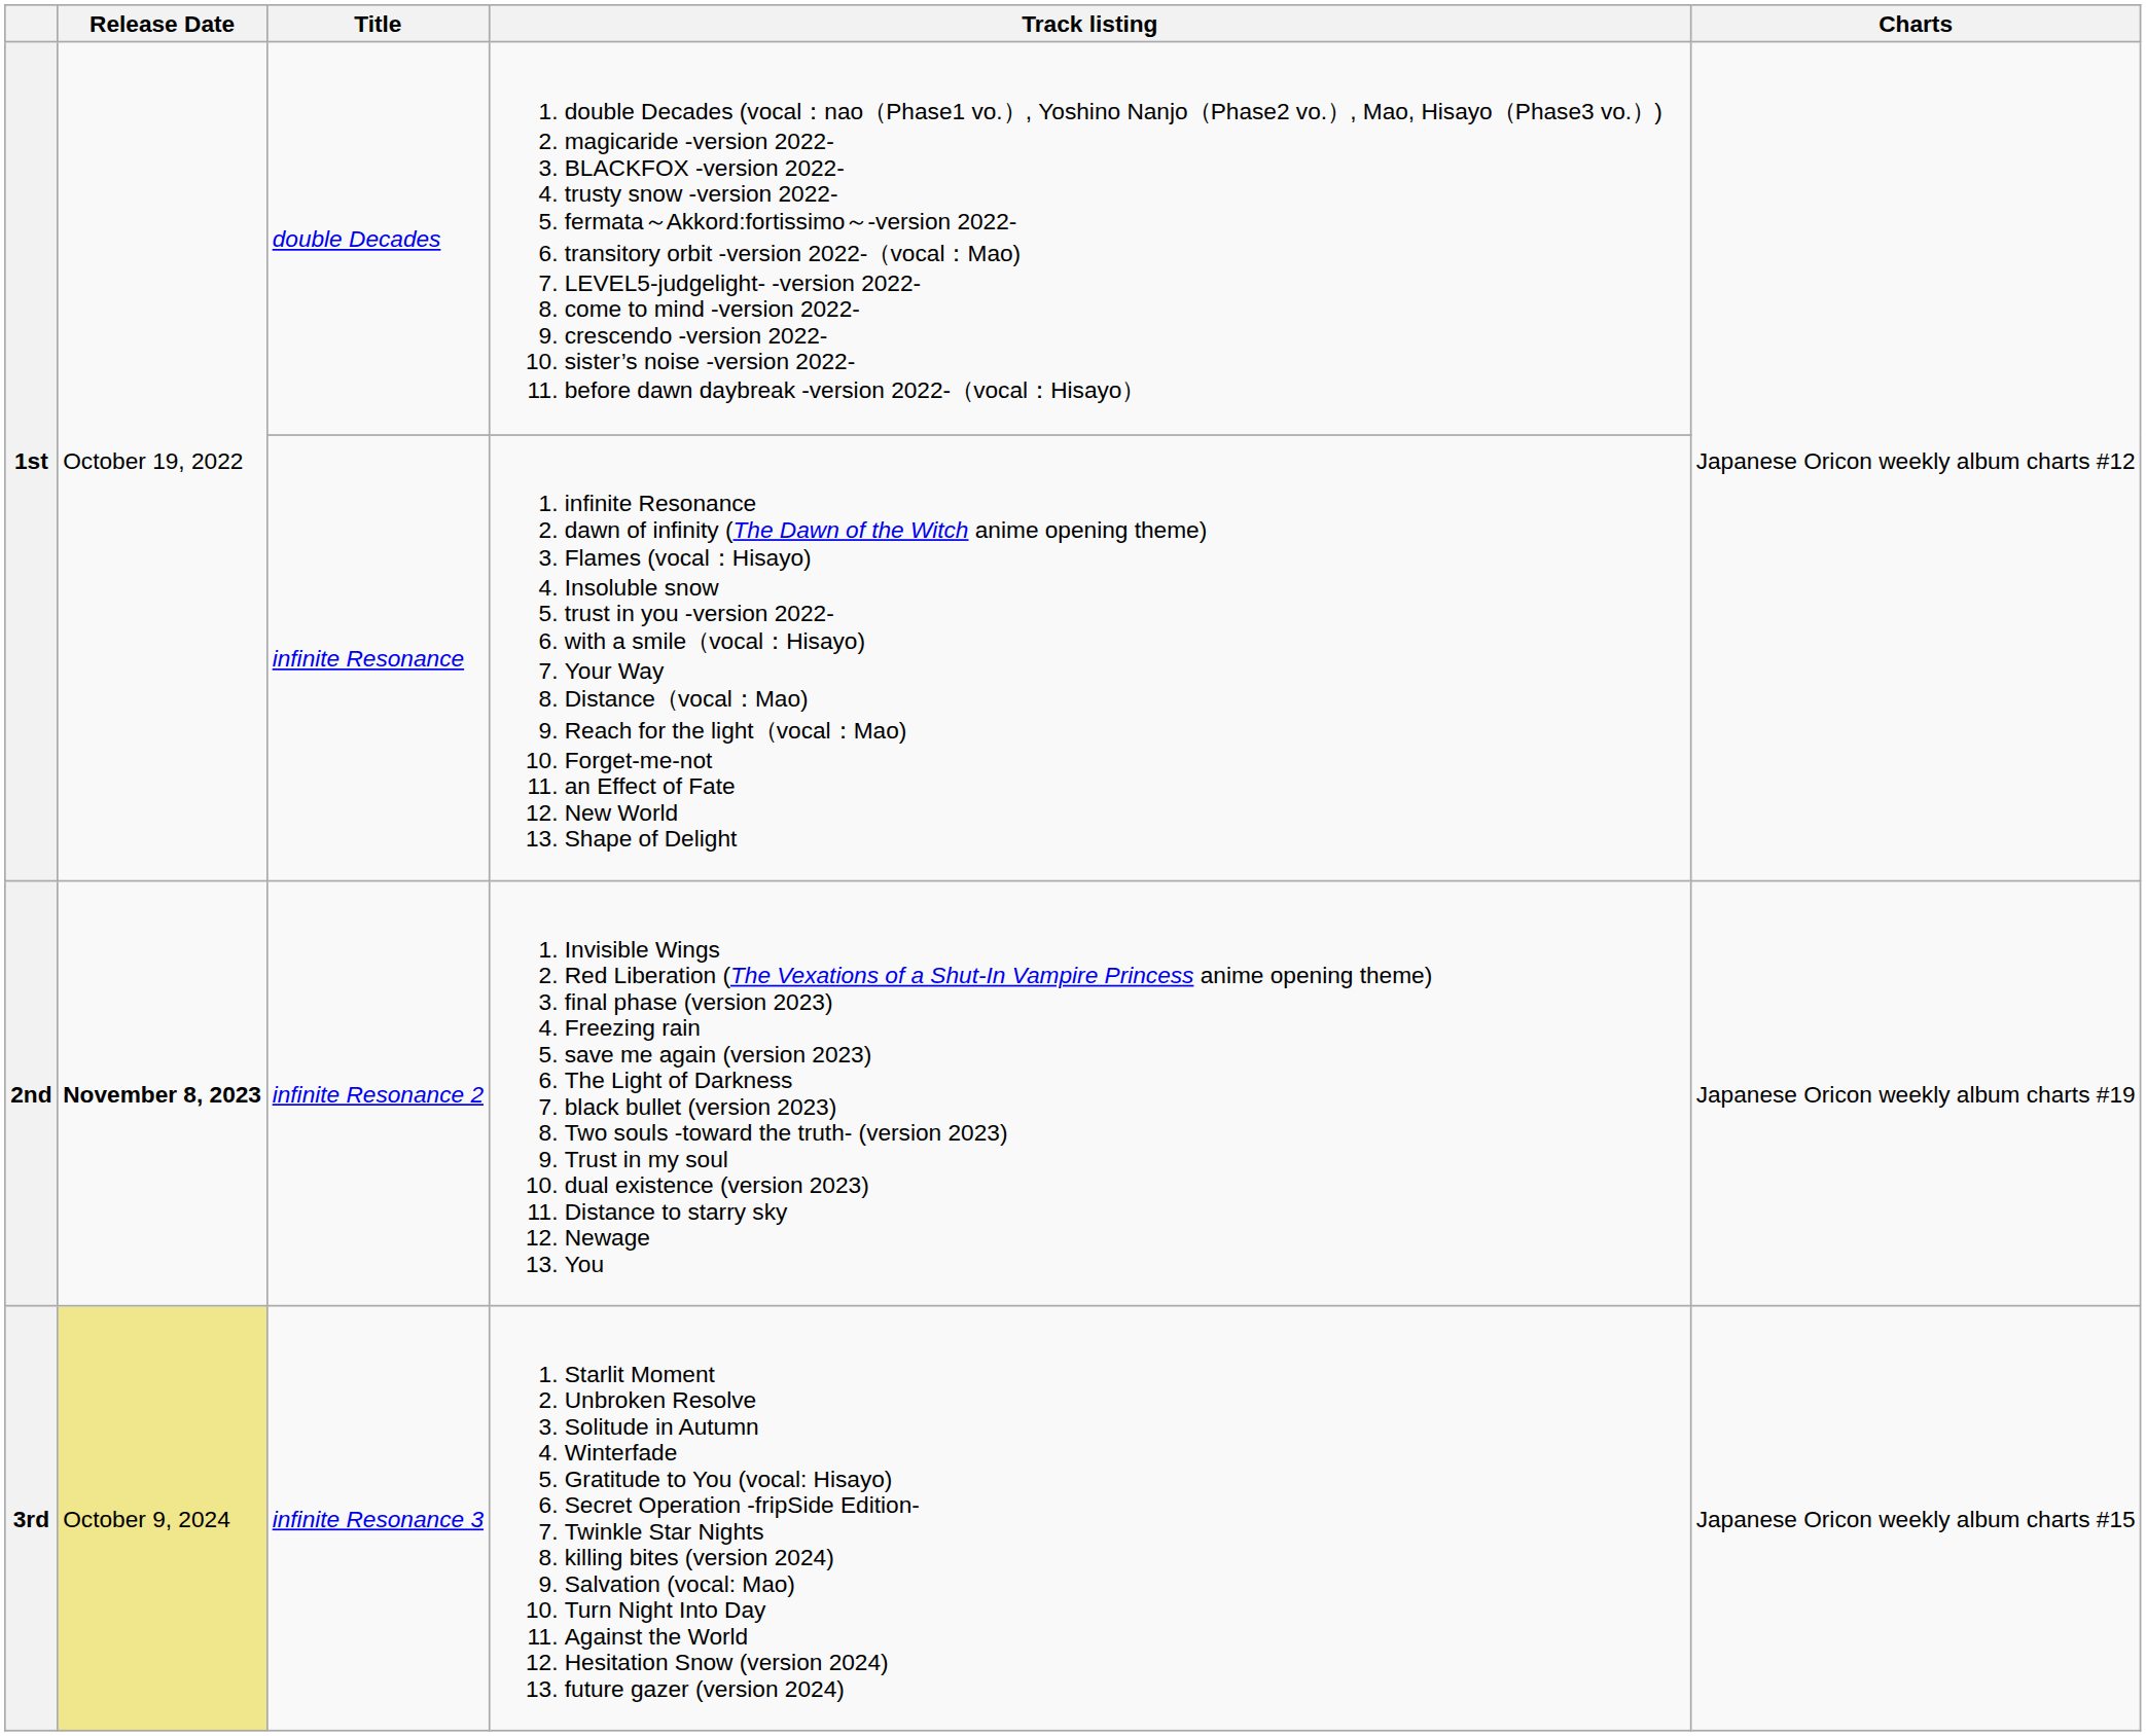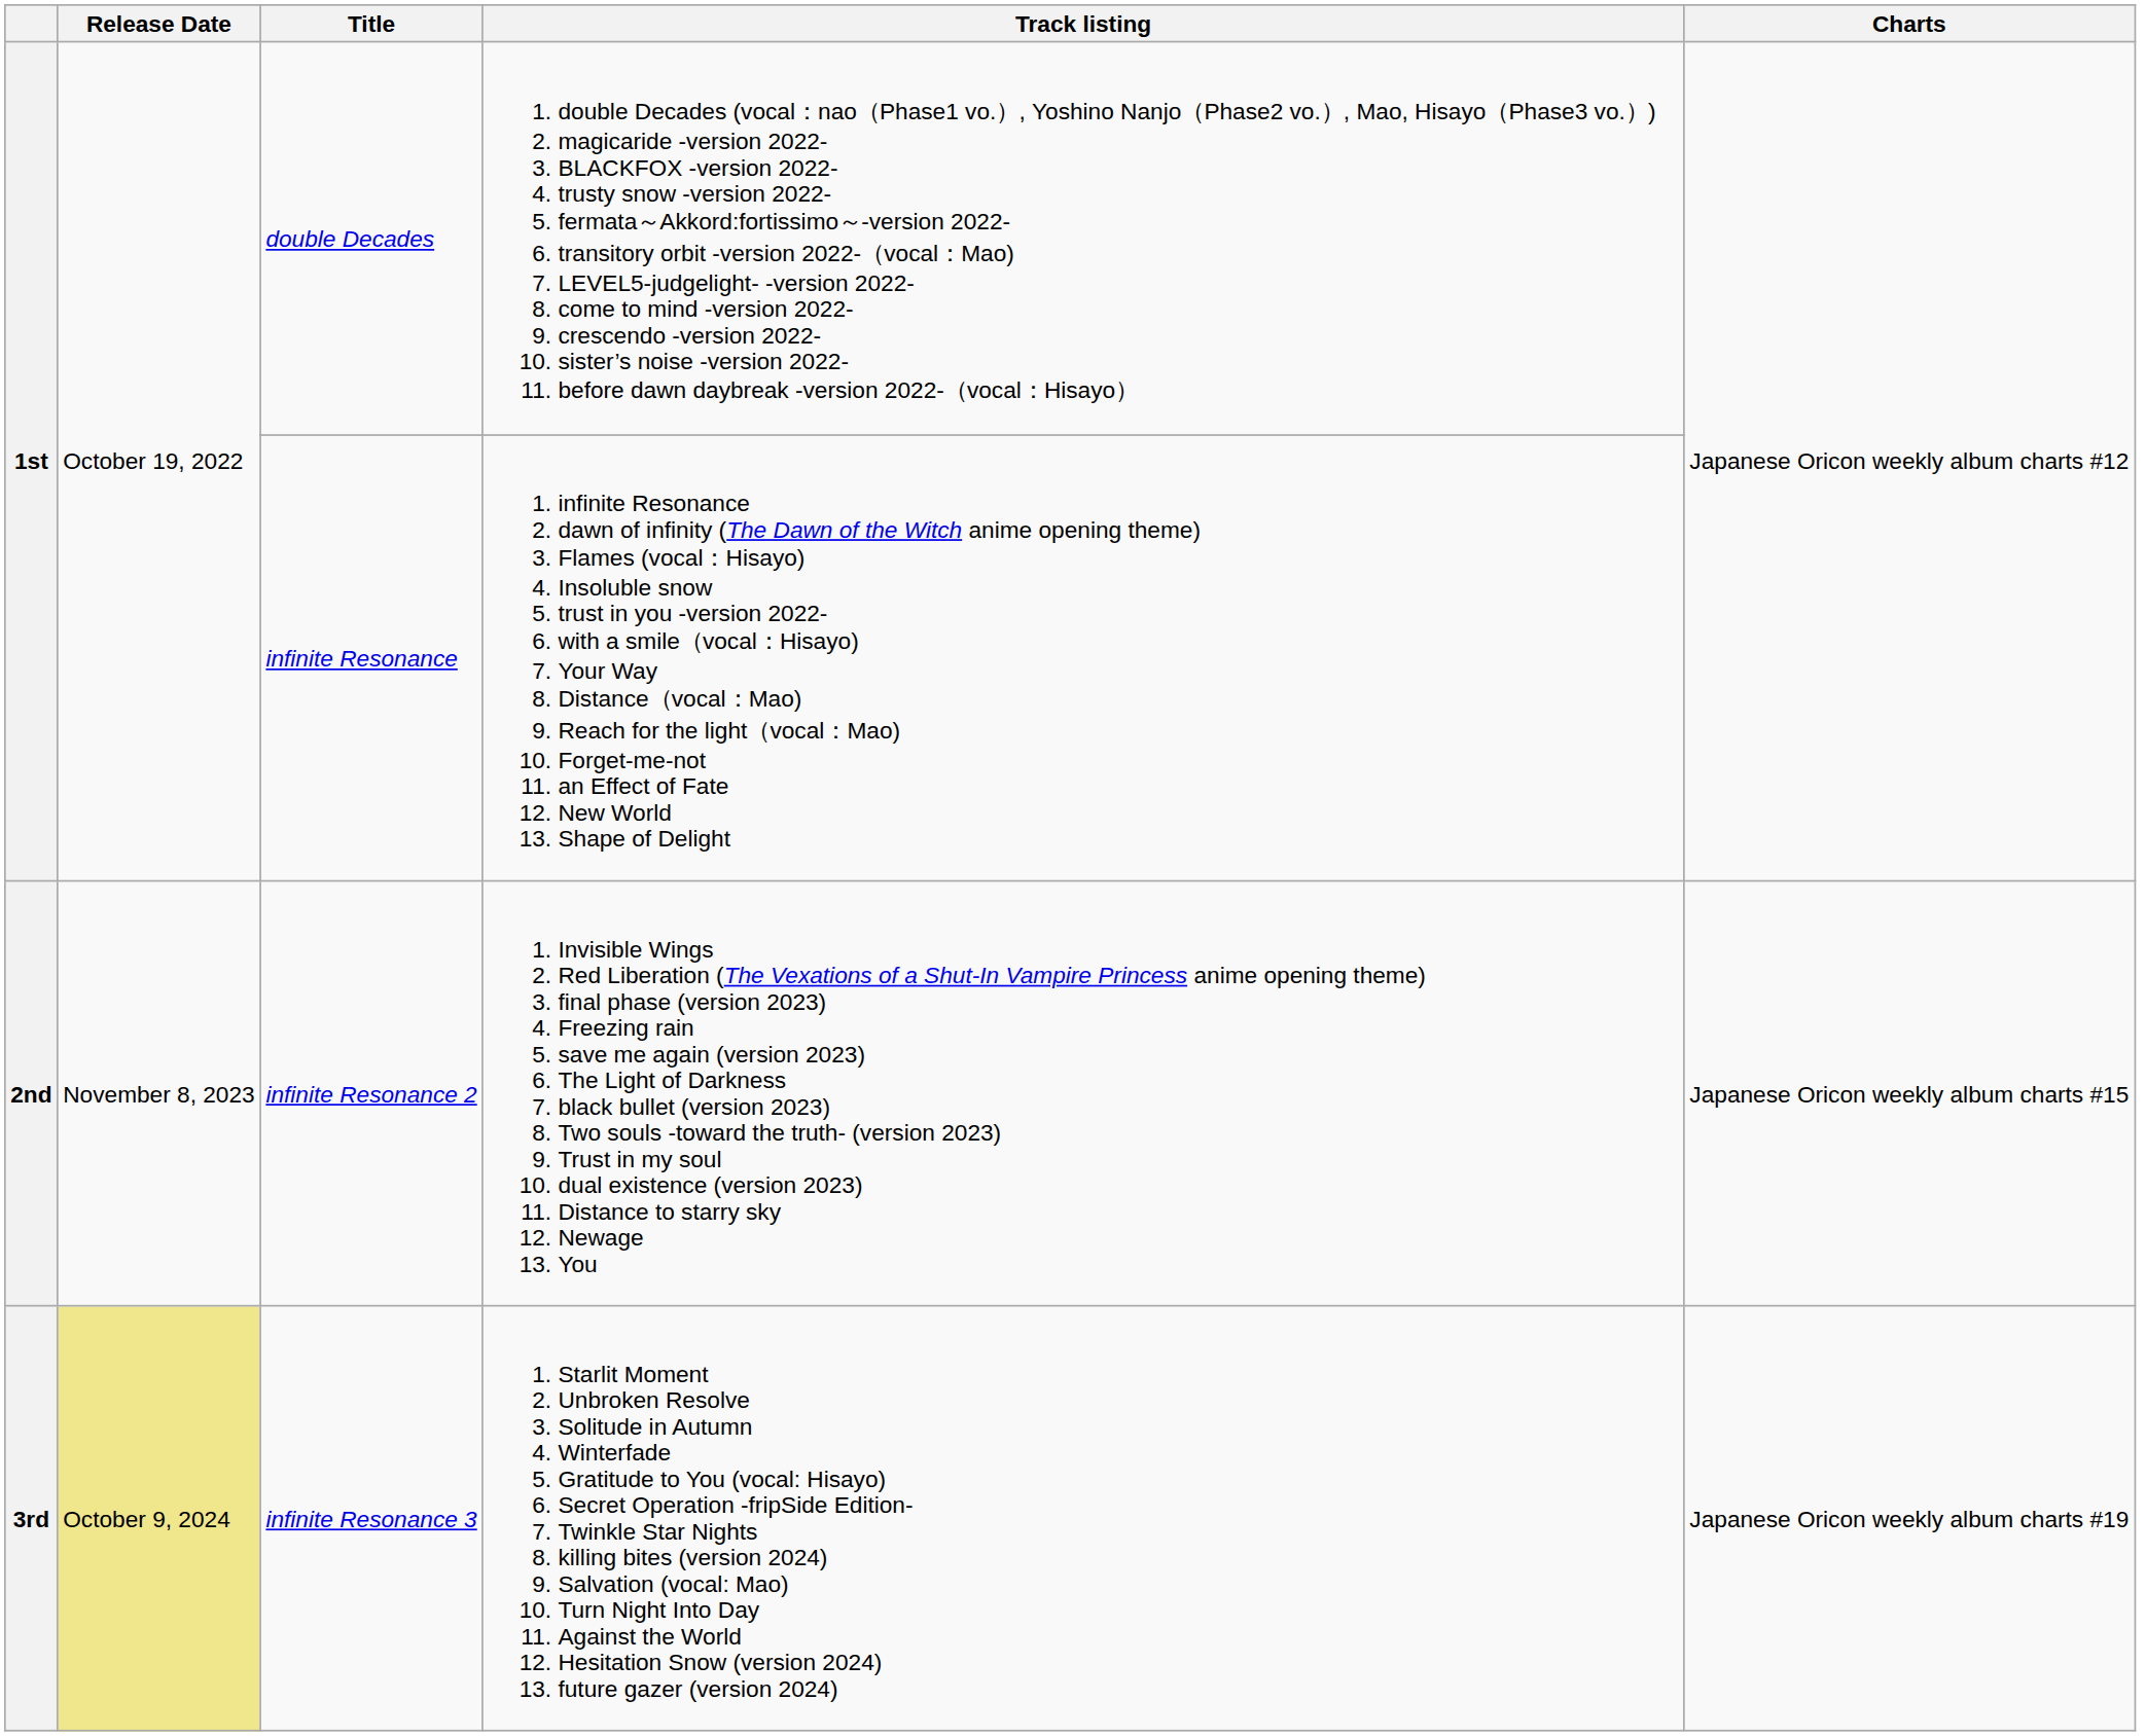 <table class="wikitable" style="font-size:smaller">
 <tr>
 <th> </th>
 <th>Release Date</th>
 <th>Title</th>
 <th>Track listing</th>
 <th>Charts</th>
 </tr>
 <tr>
 <th rowspan="2">1st</th>
 <td rowspan="2">October 19, 2022</td>
 <td><em><a href='#'>double Decades</a></em></td>
 <td><br><ol><li>double Decades (vocal：nao（Phase1 vo.）, Yoshino Nanjo（Phase2 vo.）, Mao, Hisayo（Phase3 vo.）)　</li><li>magicaride -version 2022-</li><li>BLACKFOX -version 2022-</li><li>trusty snow -version 2022-</li><li>fermata～Akkord:fortissimo～-version 2022-</li><li>transitory orbit -version 2022-（vocal：Mao)</li><li>LEVEL5-judgelight- -version 2022-</li><li>come to mind -version 2022-</li><li>crescendo -version 2022-</li><li>sister’s noise -version 2022-</li><li>before dawn daybreak -version 2022-（vocal：Hisayo）</li></ol></td>
 <td rowspan="2">Japanese Oricon weekly album charts #12</td>
 </tr>
 <tr>
 <td><em><a href='#'>infinite Resonance</a></em></td>
 <td><br><ol><li>infinite Resonance</li><li>dawn of infinity (<em><a href='#'>The Dawn of the Witch</a></em> anime opening theme)</li><li>Flames (vocal：Hisayo)</li><li>Insoluble snow</li><li>trust in you -version 2022-</li><li>with a smile（vocal：Hisayo)</li><li>Your Way</li><li>Distance（vocal：Mao)</li><li>Reach for the light（vocal：Mao)</li><li>Forget-me-not</li><li>an Effect of Fate</li><li>New World</li><li>Shape of Delight</li></ol></td>
 </tr>
 <tr>
 <th>2nd</th>
-<td><strong>November 8, 2023</strong></td>
+<td>November 8, 2023</td>
 <td><em><a href='#'>infinite Resonance 2</a></em></td>
 <td><br><ol><li>Invisible Wings</li><li>Red Liberation (<em><a href='#'>The Vexations of a Shut-In Vampire Princess</a></em> anime opening theme)</li><li>final phase (version 2023)</li><li>Freezing rain</li><li>save me again (version 2023)</li><li>The Light of Darkness</li><li>black bullet (version 2023)</li><li>Two souls -toward the truth- (version 2023)</li><li>Trust in my soul</li><li>dual existence (version 2023)</li><li>Distance to starry sky</li><li>Newage</li><li>You</li></ol></td>
-<td>Japanese Oricon weekly album charts #19</td>
+<td>Japanese Oricon weekly album charts #15</td>
 </tr>
 <tr>
 <th>3rd</th>
 <td style="background: khaki;">October 9, 2024</td>
 <td><em><a href='#'>infinite Resonance 3</a></em></td>
 <td><br><ol><li>Starlit Moment</li><li>Unbroken Resolve</li><li>Solitude in Autumn</li><li>Winterfade</li><li>Gratitude to You (vocal: Hisayo)</li><li>Secret Operation -fripSide Edition-</li><li>Twinkle Star Nights</li><li>killing bites (version 2024)</li><li>Salvation (vocal: Mao)</li><li>Turn Night Into Day</li><li>Against the World</li><li>Hesitation Snow (version 2024)</li><li>future gazer (version 2024)</li></ol></td>
-<td>Japanese Oricon weekly album charts #15</td>
+<td>Japanese Oricon weekly album charts #19</td>
 </tr>
 </table>
